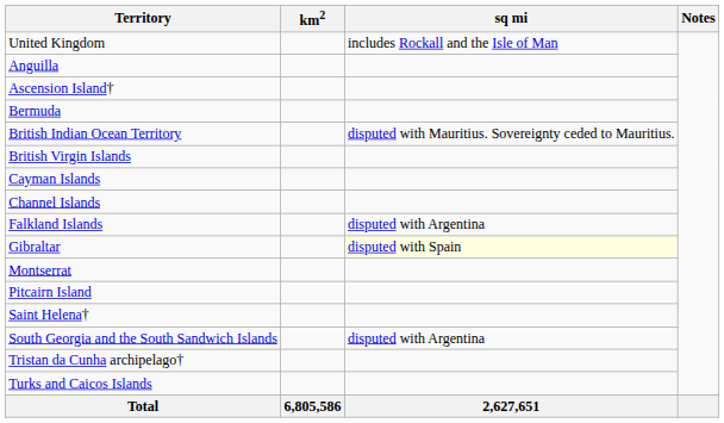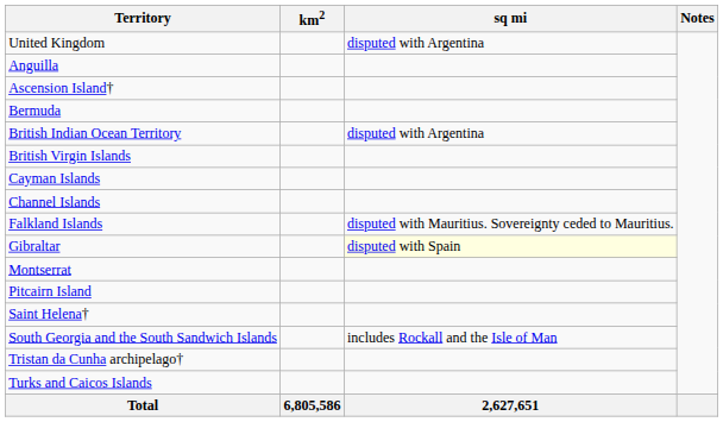 <table class="wikitable sortable">
 <tr>
 <th>Territory</th>
 <th>km<sup>2</sup></th>
 <th>sq mi</th>
 <th>Notes</th>
 </tr>
 <tr>
 <td>United Kingdom</td>
 <td></td>
-<td>includes <a href='#'>Rockall</a> and the <a href='#'>Isle of Man</a></td>
+<td><a href='#'>disputed</a> with Argentina</td>
 </tr>
 <tr>
 <td><a href='#'>Anguilla</a></td>
 <td></td>
 <td></td>
 </tr>
 <tr>
 <td><a href='#'>Ascension Island</a>†</td>
 <td></td>
 <td></td>
 </tr>
 <tr>
 <td><a href='#'>Bermuda</a></td>
 <td></td>
 <td></td>
 </tr>
 <tr>
 <td><a href='#'>British Indian Ocean Territory</a></td>
 <td></td>
-<td><a href='#'>disputed</a> with Mauritius. Sovereignty ceded to Mauritius.</td>
+<td><a href='#'>disputed</a> with Argentina</td>
 </tr>
 <tr>
 <td><a href='#'>British Virgin Islands</a></td>
 <td></td>
 <td></td>
 </tr>
 <tr>
 <td><a href='#'>Cayman Islands</a></td>
 <td></td>
 <td></td>
 </tr>
 <tr>
 <td><a href='#'>Channel Islands</a></td>
 <td></td>
 <td></td>
 </tr>
 <tr>
 <td><a href='#'>Falkland Islands</a></td>
 <td></td>
-<td><a href='#'>disputed</a> with Argentina</td>
+<td><a href='#'>disputed</a> with Mauritius. Sovereignty ceded to Mauritius.</td>
 </tr>
 <tr>
 <td><a href='#'>Gibraltar</a></td>
 <td></td>
 <td style="background: lightyellow;"><a href='#'>disputed</a> with Spain</td>
 </tr>
 <tr>
 <td><a href='#'>Montserrat</a></td>
 <td></td>
 <td></td>
 </tr>
 <tr>
 <td><a href='#'>Pitcairn Island</a></td>
 <td></td>
 <td></td>
 </tr>
 <tr>
 <td><a href='#'>Saint Helena</a>†</td>
 <td></td>
 <td></td>
 </tr>
 <tr>
 <td><a href='#'>South Georgia and the South Sandwich Islands</a></td>
 <td></td>
-<td><a href='#'>disputed</a> with Argentina</td>
+<td>includes <a href='#'>Rockall</a> and the <a href='#'>Isle of Man</a></td>
 </tr>
 <tr>
 <td><a href='#'>Tristan da Cunha</a> archipelago†</td>
 <td></td>
 <td></td>
 </tr>
 <tr>
 <td><a href='#'>Turks and Caicos Islands</a></td>
 <td></td>
 <td></td>
 </tr>
 <tr>
 <th>Total</th>
 <th>6,805,586</th>
 <th>2,627,651</th>
 <th></th>
 </tr>
 </table>
